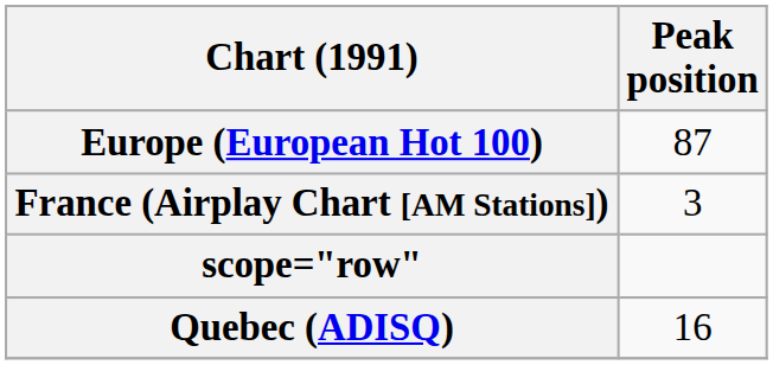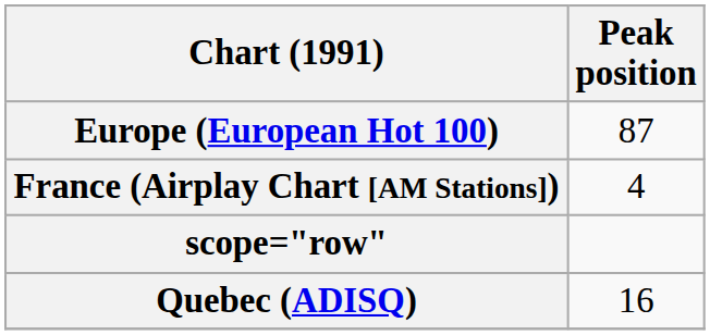 <table class="wikitable sortable plainrowheaders">
 <tr>
 <th scope="col">Chart (1991)</th>
 <th scope="col">Peak<br>position</th>
 </tr>
 <tr>
 <th scope="row">Europe (<a href='#'>European Hot 100</a>)</th>
 <td align="center">87</td>
 </tr>
 <tr>
 <th scope="row">France (Airplay Chart <small>[AM Stations]</small>)</th>
-<td align="center">3</td>
+<td align="center">4</td>
 </tr>
 <tr>
 <th>scope="row"</th>
 </tr>
 <tr>
 <th scope="row">Quebec (<a href='#'>ADISQ</a>)</th>
 <td align="center">16</td>
 </tr>
 <tr>
 </tr>
 </table>
